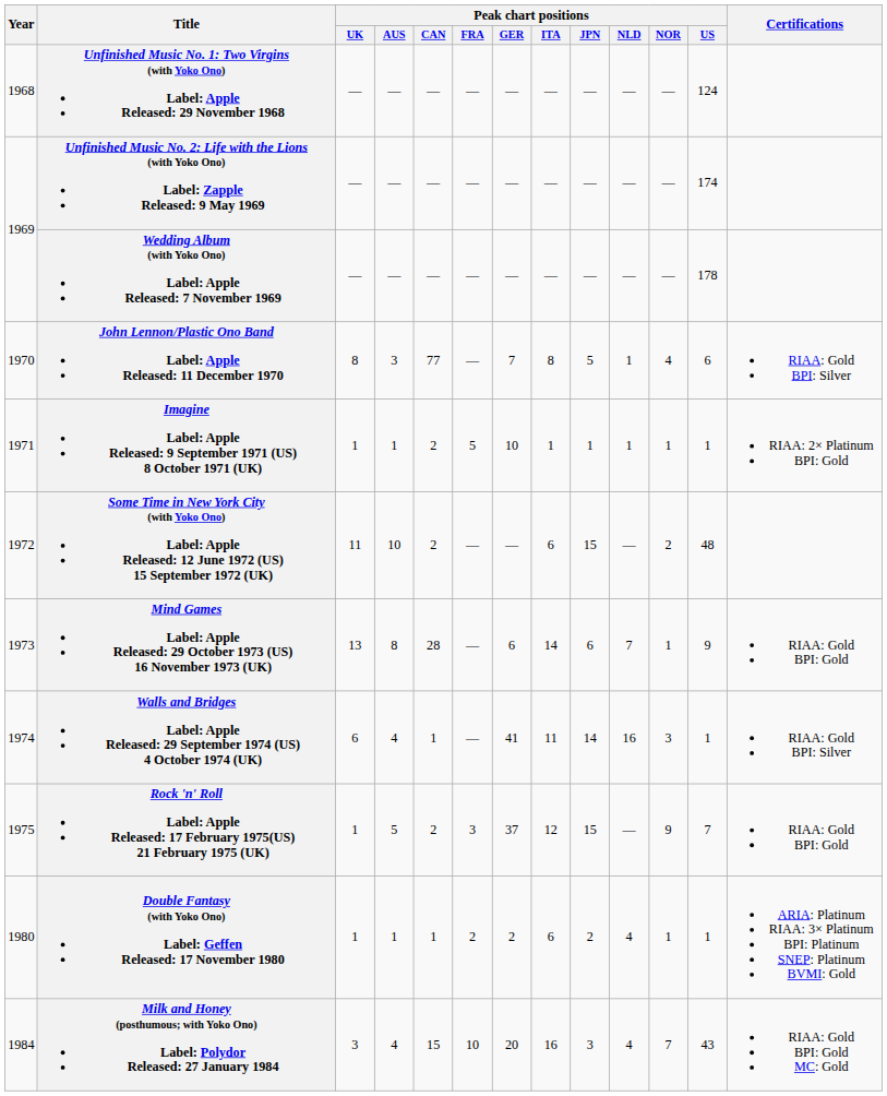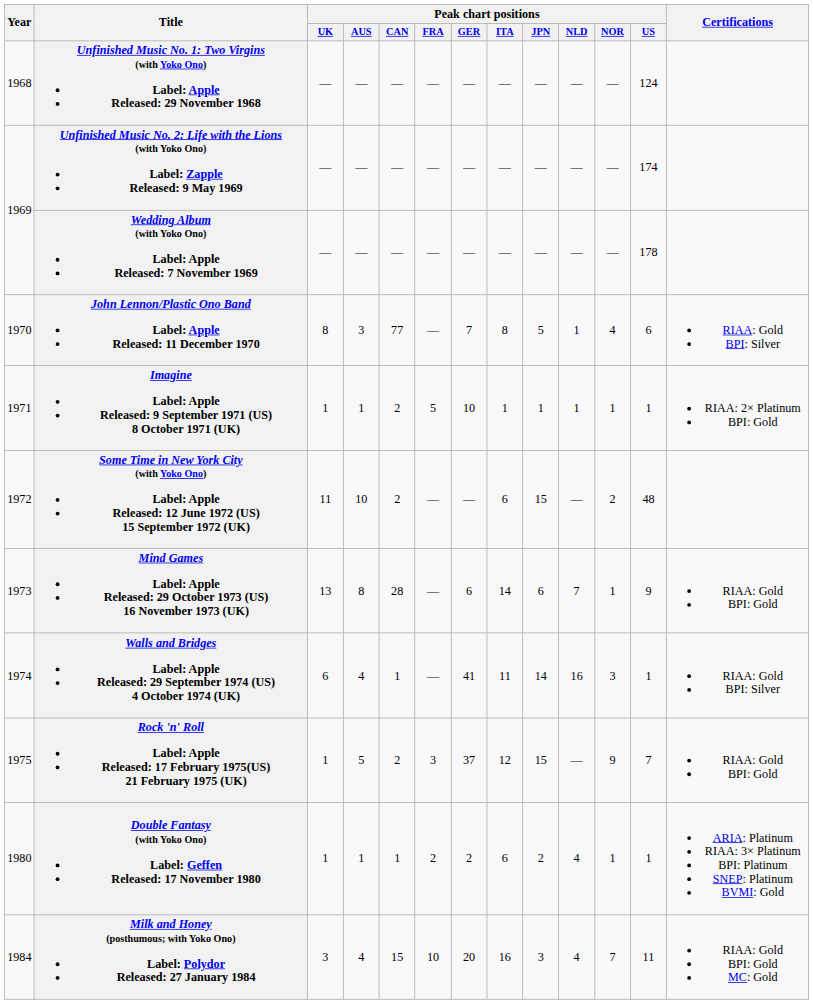 <table class="wikitable plainrowheaders" style="text-align:center;">
 <tr>
 <th scope="col" rowspan="2">Year</th>
 <th scope="col" rowspan="2" style="width: 22em">Title</th>
 <th scope="col" colspan="10">Peak chart positions</th>
 <th scope="col" rowspan="2"  style="width:180px;"><a href='#'>Certifications</a></th>
 </tr>
 <tr>
 <th style="width:3em;font-size:85%;"><a href='#'>UK</a><br></th>
 <th style="width:3em;font-size:85%;"><a href='#'>AUS</a><br></th>
 <th style="width:3em;font-size:85%;"><a href='#'>CAN</a><br></th>
 <th style="width:3em;font-size:85%;"><a href='#'>FRA</a><br></th>
 <th style="width:3em;font-size:85%;"><a href='#'>GER</a><br></th>
 <th style="width:3em;font-size:85%;"><a href='#'>ITA</a><br></th>
 <th style="width:3em;font-size:85%;"><a href='#'>JPN</a><br></th>
 <th style="width:3em;font-size:85%;"><a href='#'>NLD</a><br></th>
 <th style="width:3em;font-size:85%;"><a href='#'>NOR</a><br></th>
 <th style="width:3em;font-size:85%;"><a href='#'>US</a><br></th>
 </tr>
 <tr>
 <td>1968</td>
 <th scope="row"><em><a href='#'>Unfinished Music No. 1: Two Virgins</a></em> <br><small>(with <a href='#'>Yoko Ono</a>)</small><br><ul><li>Label: <a href='#'>Apple</a></li><li>Released:  29 November 1968</li></ul></th>
 <td>—</td>
 <td>—</td>
 <td>—</td>
 <td>—</td>
 <td>—</td>
 <td>—</td>
 <td>—</td>
 <td>—</td>
 <td>—</td>
 <td>124</td>
 <td></td>
 </tr>
 <tr>
 <td rowspan="2">1969</td>
 <th scope="row"><em><a href='#'>Unfinished Music No. 2: Life with the Lions</a></em> <br><small>(with Yoko Ono)</small><br><ul><li>Label: <a href='#'>Zapple</a></li><li>Released: 9 May 1969</li></ul></th>
 <td>—</td>
 <td>—</td>
 <td>—</td>
 <td>—</td>
 <td>—</td>
 <td>—</td>
 <td>—</td>
 <td>—</td>
 <td>—</td>
 <td>174</td>
 <td></td>
 </tr>
 <tr>
 <th scope="row"><em><a href='#'>Wedding Album</a></em> <br><small>(with Yoko Ono)</small><br><ul><li>Label: Apple</li><li>Released: 7 November 1969</li></ul></th>
 <td>—</td>
 <td>—</td>
 <td>—</td>
 <td>—</td>
 <td>—</td>
 <td>—</td>
 <td>—</td>
 <td>—</td>
 <td>—</td>
 <td>178</td>
 <td></td>
 </tr>
 <tr>
 <td>1970</td>
 <th scope="row"><em><a href='#'>John Lennon/Plastic Ono Band</a></em><br><ul><li>Label: <a href='#'>Apple</a></li><li>Released: 11 December 1970</li></ul></th>
 <td>8</td>
 <td>3</td>
 <td>77</td>
 <td>—</td>
 <td>7</td>
 <td>8</td>
 <td>5</td>
 <td>1</td>
 <td>4<br></td>
 <td>6</td>
 <td><br><ul><li><a href='#'>RIAA</a>: Gold</li><li><a href='#'>BPI</a>: Silver </li></ul></td>
 </tr>
 <tr>
 <td>1971</td>
 <th scope="row"><em><a href='#'>Imagine</a></em><br><ul><li>Label: Apple</li><li>Released: 9 September 1971 (US)<br>8 October 1971 (UK)</li></ul></th>
 <td>1</td>
 <td>1</td>
 <td>2</td>
 <td>5</td>
 <td>10</td>
 <td>1</td>
 <td>1</td>
 <td>1</td>
 <td>1</td>
 <td>1</td>
 <td><br><ul><li>RIAA: 2× Platinum</li><li>BPI: Gold</li></ul></td>
 </tr>
 <tr>
 <td>1972</td>
 <th scope="row"><em><a href='#'>Some Time in New York City</a></em> <br><small>(with <a href='#'>Yoko Ono</a>)</small><br><ul><li>Label: Apple</li><li>Released: 12 June 1972 (US)<br>15 September 1972 (UK)</li></ul></th>
 <td>11</td>
 <td>10</td>
 <td>2</td>
 <td>—</td>
 <td>—</td>
 <td>6</td>
 <td>15</td>
 <td>—</td>
 <td>2</td>
 <td>48</td>
 <td></td>
 </tr>
 <tr>
 <td>1973</td>
 <th scope="row"><em><a href='#'>Mind Games</a></em><br><ul><li>Label: Apple</li><li>Released: 29 October 1973 (US)<br>16 November 1973 (UK)</li></ul></th>
 <td>13</td>
 <td>8</td>
 <td>28</td>
 <td>—</td>
 <td>6</td>
 <td>14</td>
 <td>6</td>
 <td>7</td>
 <td>1</td>
 <td>9</td>
 <td><br><ul><li>RIAA: Gold</li><li>BPI: Gold</li></ul></td>
 </tr>
 <tr>
 <td>1974</td>
 <th scope="row"><em><a href='#'>Walls and Bridges</a></em><br><ul><li>Label: Apple</li><li>Released: 29 September 1974 (US)<br>4 October 1974 (UK)</li></ul></th>
 <td>6</td>
 <td>4</td>
 <td>1</td>
 <td>—</td>
 <td>41</td>
 <td>11</td>
 <td>14</td>
 <td>16</td>
 <td>3</td>
 <td>1</td>
 <td><br><ul><li>RIAA: Gold</li><li>BPI: Silver</li></ul></td>
 </tr>
 <tr>
 <td>1975</td>
 <th scope="row"><em><a href='#'>Rock 'n' Roll</a></em><br><ul><li>Label: Apple</li><li>Released: 17 February 1975(US)<br>21 February 1975 (UK)</li></ul></th>
 <td>1</td>
 <td>5</td>
 <td>2</td>
 <td>3</td>
 <td>37</td>
 <td>12</td>
 <td>15</td>
 <td>—</td>
 <td>9</td>
 <td>7</td>
 <td><br><ul><li>RIAA: Gold</li><li>BPI: Gold</li></ul></td>
 </tr>
 <tr>
 <td>1980</td>
 <th scope="row"><em><a href='#'>Double Fantasy</a></em> <br><small>(with Yoko Ono)</small><br><ul><li>Label: <a href='#'>Geffen</a></li><li>Released: 17 November 1980</li></ul></th>
 <td>1</td>
 <td>1</td>
 <td>1</td>
 <td>2</td>
 <td>2</td>
 <td>6</td>
 <td>2</td>
 <td>4</td>
 <td>1</td>
 <td>1</td>
 <td><br><ul><li><a href='#'>ARIA</a>: Platinum</li><li>RIAA: 3× Platinum</li><li>BPI: Platinum</li><li><a href='#'>SNEP</a>: Platinum</li><li><a href='#'>BVMI</a>: Gold</li></ul></td>
 </tr>
 <tr>
 <td>1984</td>
 <th scope="row"><em><a href='#'>Milk and Honey</a></em> <br><small>(posthumous; with Yoko Ono)</small><br><ul><li>Label: <a href='#'>Polydor</a></li><li>Released: 27 January 1984</li></ul></th>
 <td>3</td>
 <td>4</td>
 <td>15</td>
 <td>10</td>
 <td>20</td>
 <td>16</td>
 <td>3</td>
 <td>4</td>
 <td>7</td>
-<td>43</td>
+<td>11</td>
 <td><br><ul><li>RIAA: Gold</li><li>BPI: Gold</li><li><a href='#'>MC</a>: Gold</li></ul></td>
 </tr>
 </table>
